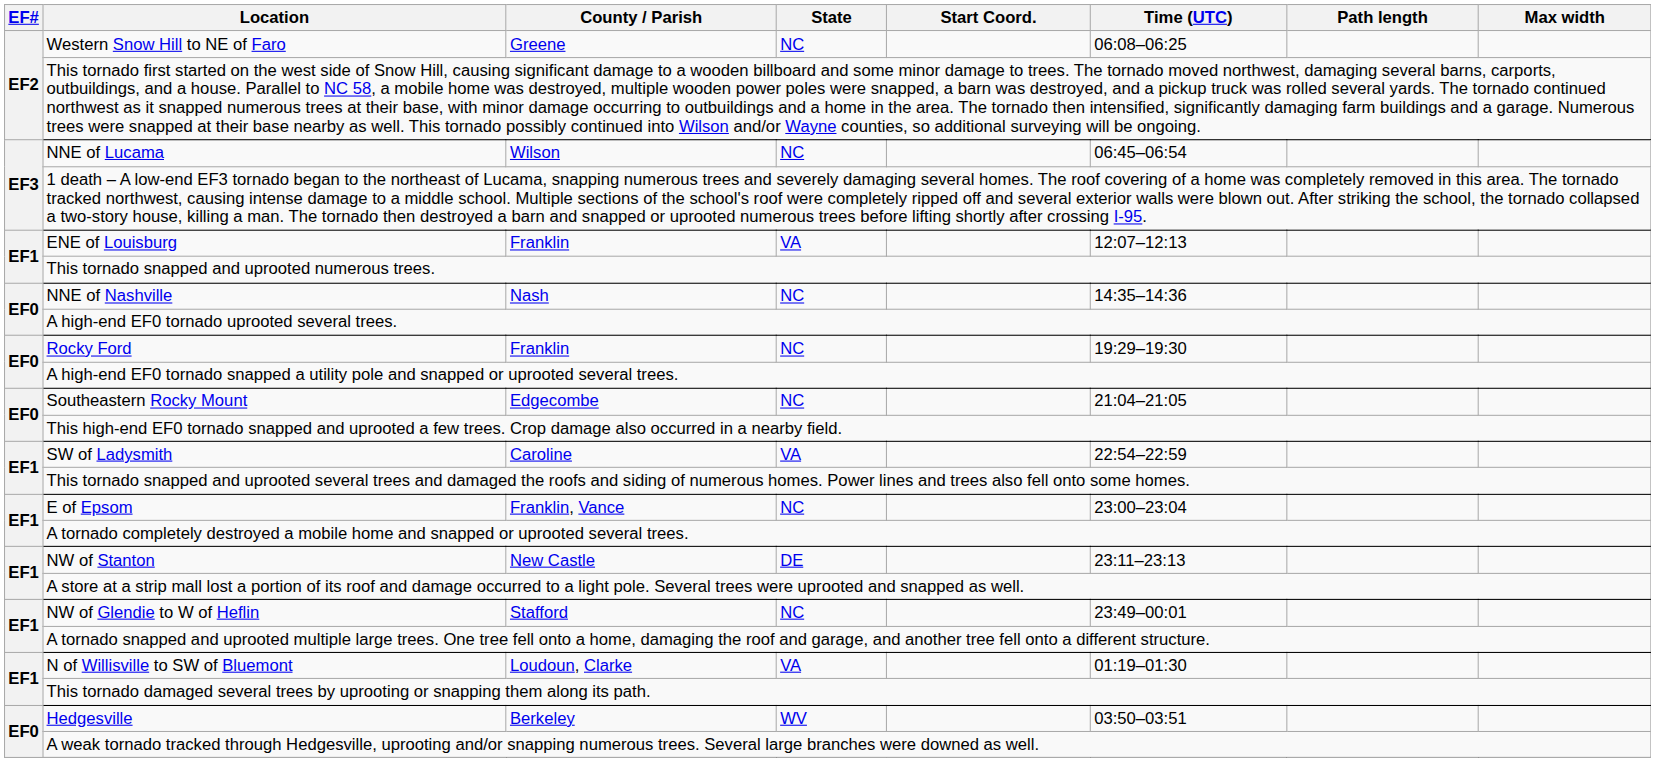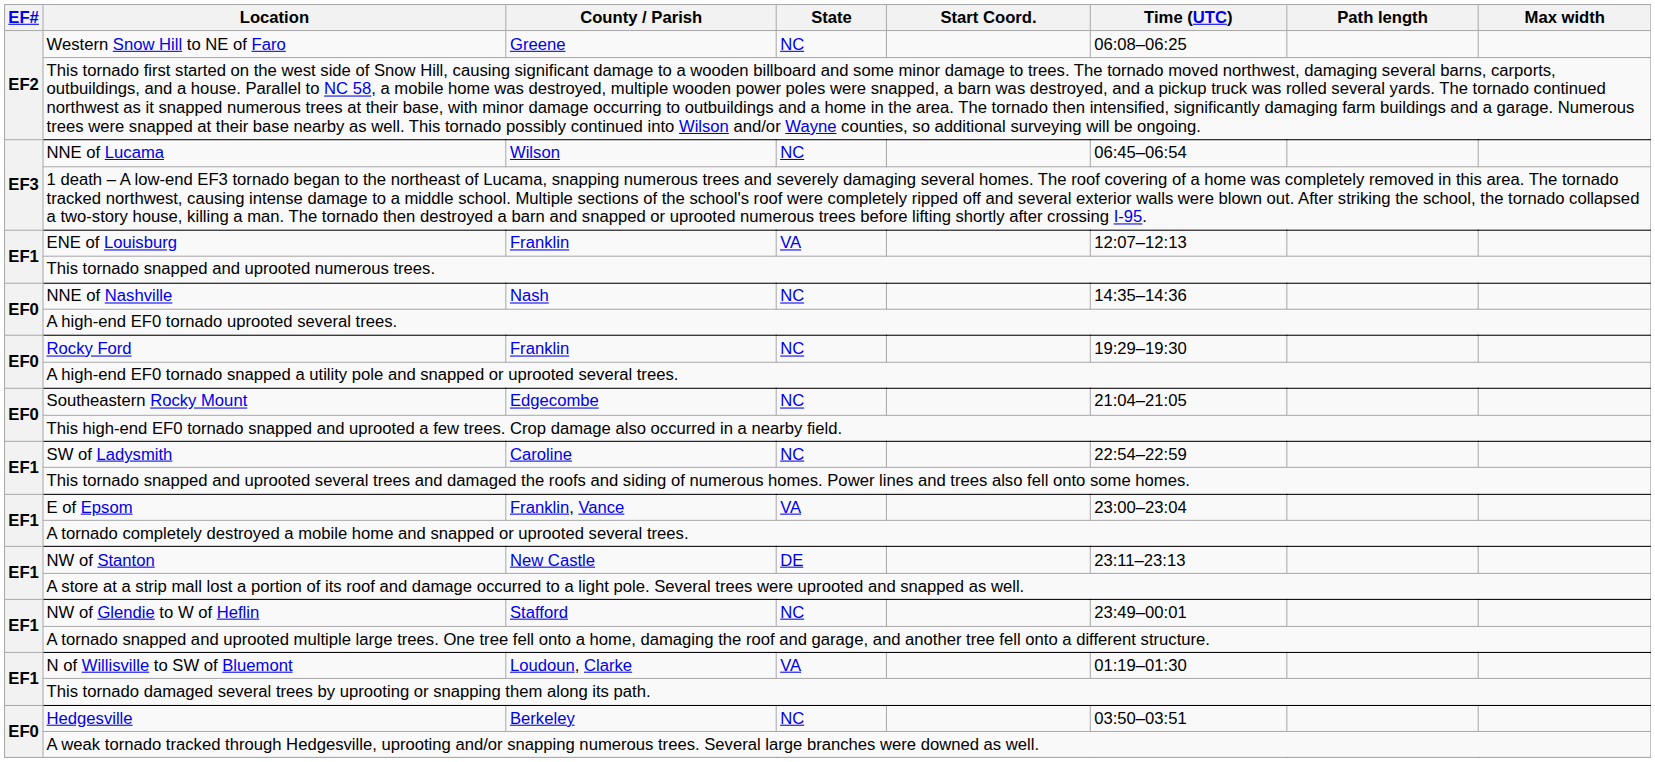 <table class="wikitable sortable" style="width:100%;">
 <tr>
 <th scope="col" width="2%" align="center"><a href='#'>EF#</a></th>
 <th scope="col" align="center" class="unsortable">Location</th>
 <th scope="col" align="center" class="unsortable">County / Parish</th>
 <th scope="col" align="center">State</th>
 <th scope="col" align="center">Start Coord.</th>
 <th scope="col" align="center">Time (<a href='#'>UTC</a>)</th>
 <th scope="col" align="center">Path length</th>
 <th scope="col" align="center">Max width</th>
 </tr>
 <tr>
 <th scope="row" rowspan="2" style="background-color:#">EF2</th>
 <td>Western <a href='#'>Snow Hill</a> to NE of <a href='#'>Faro</a></td>
 <td><a href='#'>Greene</a></td>
 <td><a href='#'>NC</a></td>
 <td></td>
 <td>06:08–06:25</td>
 <td></td>
 <td></td>
 </tr>
 <tr class="expand-child">
 <td colspan="8" style=" border-bottom: 1px solid black;">This tornado first started on the west side of Snow Hill, causing significant damage to a wooden billboard and some minor damage to trees. The tornado moved northwest, damaging several barns, carports, outbuildings, and a house. Parallel to <a href='#'>NC 58</a>, a mobile home was destroyed, multiple wooden power poles were snapped, a barn was destroyed, and a pickup truck was rolled several yards. The tornado continued northwest as it snapped numerous trees at their base, with minor damage occurring to outbuildings and a home in the area. The tornado then intensified, significantly damaging farm buildings and a garage. Numerous trees were snapped at their base nearby as well. This tornado possibly continued into <a href='#'>Wilson</a> and/or <a href='#'>Wayne</a> counties, so additional surveying will be ongoing.</td>
 </tr>
 <tr>
 <th scope="row" rowspan="2" style="background-color:#">EF3</th>
 <td>NNE of <a href='#'>Lucama</a></td>
 <td><a href='#'>Wilson</a></td>
 <td><a href='#'>NC</a></td>
 <td></td>
 <td>06:45–06:54</td>
 <td></td>
 <td></td>
 </tr>
 <tr class="expand-child">
 <td colspan="8" style=" border-bottom: 1px solid black;">1 death – A low-end EF3 tornado began to the northeast of Lucama, snapping numerous trees and severely damaging several homes. The roof covering of a home was completely removed in this area. The tornado tracked northwest, causing intense damage to a middle school. Multiple sections of the school's roof were completely ripped off and several exterior walls were blown out. After striking the school, the tornado collapsed a two-story house, killing a man. The tornado then destroyed a barn and snapped or uprooted numerous trees before lifting shortly after crossing <a href='#'>I-95</a>.</td>
 </tr>
 <tr>
 <th scope="row" rowspan="2" style="background-color:#">EF1</th>
 <td>ENE of <a href='#'>Louisburg</a></td>
 <td><a href='#'>Franklin</a></td>
 <td><a href='#'>VA</a></td>
 <td></td>
 <td>12:07–12:13</td>
 <td></td>
 <td></td>
 </tr>
 <tr class="expand-child">
 <td colspan="8" style=" border-bottom: 1px solid black;">This tornado snapped and uprooted numerous trees.</td>
 </tr>
 <tr>
 <th scope="row" rowspan="2" style="background-color:#">EF0</th>
 <td>NNE of <a href='#'>Nashville</a></td>
 <td><a href='#'>Nash</a></td>
 <td><a href='#'>NC</a></td>
 <td></td>
 <td>14:35–14:36</td>
 <td></td>
 <td></td>
 </tr>
 <tr class="expand-child">
 <td colspan="8" style=" border-bottom: 1px solid black;">A high-end EF0 tornado uprooted several trees.</td>
 </tr>
 <tr>
 <th scope="row" rowspan="2" style="background-color:#">EF0</th>
 <td><a href='#'>Rocky Ford</a></td>
 <td><a href='#'>Franklin</a></td>
 <td><a href='#'>NC</a></td>
 <td></td>
 <td>19:29–19:30</td>
 <td></td>
 <td></td>
 </tr>
 <tr class="expand-child">
 <td colspan="8" style=" border-bottom: 1px solid black;">A high-end EF0 tornado snapped a utility pole and snapped or uprooted several trees.</td>
 </tr>
 <tr>
 <th scope="row" rowspan="2" style="background-color:#">EF0</th>
 <td>Southeastern <a href='#'>Rocky Mount</a></td>
 <td><a href='#'>Edgecombe</a></td>
 <td><a href='#'>NC</a></td>
 <td></td>
 <td>21:04–21:05</td>
 <td></td>
 <td></td>
 </tr>
 <tr class="expand-child">
 <td colspan="8" style=" border-bottom: 1px solid black;">This high-end EF0 tornado snapped and uprooted a few trees. Crop damage also occurred in a nearby field.</td>
 </tr>
 <tr>
 <th scope="row" rowspan="2" style="background-color:#">EF1</th>
 <td>SW of <a href='#'>Ladysmith</a></td>
 <td><a href='#'>Caroline</a></td>
-<td><a href='#'>VA</a></td>
+<td><a href='#'>NC</a></td>
 <td></td>
 <td>22:54–22:59</td>
 <td></td>
 <td></td>
 </tr>
 <tr class="expand-child">
 <td colspan="8" style=" border-bottom: 1px solid black;">This tornado snapped and uprooted several trees and damaged the roofs and siding of numerous homes. Power lines and trees also fell onto some homes.</td>
 </tr>
 <tr>
 <th scope="row" rowspan="2" style="background-color:#">EF1</th>
 <td>E of <a href='#'>Epsom</a></td>
 <td><a href='#'>Franklin</a>, <a href='#'>Vance</a></td>
-<td><a href='#'>NC</a></td>
+<td><a href='#'>VA</a></td>
 <td></td>
 <td>23:00–23:04</td>
 <td></td>
 <td></td>
 </tr>
 <tr class="expand-child">
 <td colspan="8" style=" border-bottom: 1px solid black;">A tornado completely destroyed a mobile home and snapped or uprooted several trees.</td>
 </tr>
 <tr>
 <th scope="row" rowspan="2" style="background-color:#">EF1</th>
 <td>NW of <a href='#'>Stanton</a></td>
 <td><a href='#'>New Castle</a></td>
 <td><a href='#'>DE</a></td>
 <td></td>
 <td>23:11–23:13</td>
 <td></td>
 <td></td>
 </tr>
 <tr class="expand-child">
 <td colspan="8" style=" border-bottom: 1px solid black;">A store at a strip mall lost a portion of its roof and damage occurred to a light pole. Several trees were uprooted and snapped as well.</td>
 </tr>
 <tr>
 <th scope="row" rowspan="2" style="background-color:#">EF1</th>
 <td>NW of <a href='#'>Glendie</a> to W of <a href='#'>Heflin</a></td>
 <td><a href='#'>Stafford</a></td>
 <td><a href='#'>NC</a></td>
 <td></td>
 <td>23:49–00:01</td>
 <td></td>
 <td></td>
 </tr>
 <tr class="expand-child">
 <td colspan="8" style=" border-bottom: 1px solid black;">A tornado snapped and uprooted multiple large trees. One tree fell onto a home, damaging the roof and garage, and another tree fell onto a different structure.</td>
 </tr>
 <tr>
 <th scope="row" rowspan="2" style="background-color:#">EF1</th>
 <td>N of <a href='#'>Willisville</a> to SW of <a href='#'>Bluemont</a></td>
 <td><a href='#'>Loudoun</a>, <a href='#'>Clarke</a></td>
 <td><a href='#'>VA</a></td>
 <td></td>
 <td>01:19–01:30</td>
 <td></td>
 <td></td>
 </tr>
 <tr class="expand-child">
 <td colspan="8" style=" border-bottom: 1px solid black;">This tornado damaged several trees by uprooting or snapping them along its path.</td>
 </tr>
 <tr>
 <th scope="row" rowspan="2" style="background-color:#">EF0</th>
 <td><a href='#'>Hedgesville</a></td>
 <td><a href='#'>Berkeley</a></td>
-<td><a href='#'>WV</a></td>
+<td><a href='#'>NC</a></td>
 <td></td>
 <td>03:50–03:51</td>
 <td></td>
 <td></td>
 </tr>
 <tr class="expand-child">
 <td colspan="8" style=" border-bottom: 1px solid black;">A weak tornado tracked through Hedgesville, uprooting and/or snapping numerous trees. Several large branches were downed as well.</td>
 </tr>
 <tr>
 </tr>
 </table>
